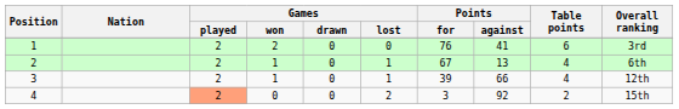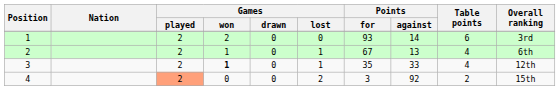 <table class="wikitable" style="text-align: center;">
 <tr>
 <th rowspan="2" width="8%">Position</th>
 <th rowspan="2" width="18%">Nation</th>
 <th colspan="4" width="32%">Games</th>
 <th colspan="2" width="16%">Points</th>
 <th rowspan="2" width="10%">Table<br>points</th>
 <th rowspan="2" width="10%">Overall<br>ranking</th>
 </tr>
 <tr>
 <th width="8%">played</th>
 <th width="8%">won</th>
 <th width="8%">drawn</th>
 <th width="8%">lost</th>
 <th width="8%">for</th>
 <th width="8%">against</th>
 </tr>
 <tr>
 </tr>
 <tr align="center" bgcolor="#ccffcc">
 <td>1</td>
 <td align="left"></td>
 <td>2</td>
 <td>2</td>
 <td>0</td>
 <td>0</td>
-<td>76</td>
-<td>41</td>
+<td>93</td>
+<td>14</td>
 <td>6</td>
 <td>3rd</td>
 </tr>
 <tr bgcolor="#ccffcc">
 <td>2</td>
 <td align="left"></td>
 <td>2</td>
 <td>1</td>
 <td>0</td>
 <td>1</td>
 <td>67</td>
 <td>13</td>
 <td>4</td>
 <td>6th</td>
 </tr>
 <tr>
 <td>3</td>
 <td align="left"></td>
 <td>2</td>
-<td>1</td>
+<td><strong>1</strong></td>
 <td>0</td>
 <td>1</td>
-<td>39</td>
-<td>66</td>
+<td>35</td>
+<td>33</td>
 <td>4</td>
 <td>12th</td>
 </tr>
 <tr>
 <td>4</td>
 <td align="left"></td>
 <td style="background: lightsalmon;">2</td>
 <td>0</td>
 <td>0</td>
 <td>2</td>
 <td>3</td>
 <td>92</td>
 <td>2</td>
 <td>15th</td>
 </tr>
 </table>
